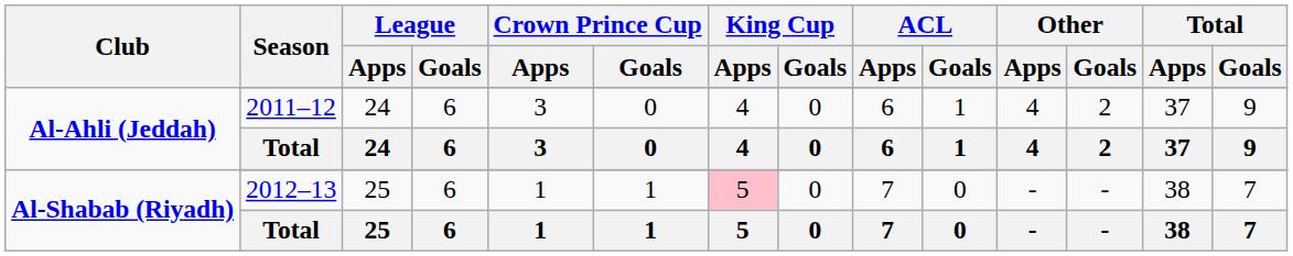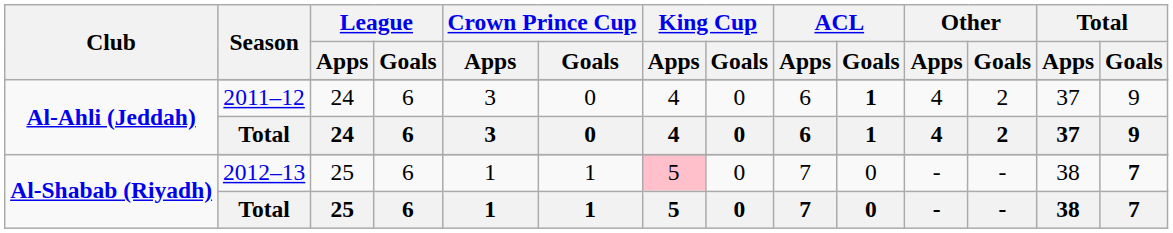 <table class="wikitable" style="text-align: center;">
 <tr>
 <th rowspan="2">Club</th>
 <th rowspan="2">Season</th>
 <th colspan="2"><a href='#'>League</a></th>
 <th colspan="2"><a href='#'>Crown Prince Cup</a></th>
 <th colspan="2"><a href='#'>King Cup</a></th>
 <th colspan="2"><a href='#'>ACL</a></th>
 <th colspan="2">Other</th>
 <th colspan="2">Total</th>
 </tr>
 <tr>
 <th>Apps</th>
 <th>Goals</th>
 <th>Apps</th>
 <th>Goals</th>
 <th>Apps</th>
 <th>Goals</th>
 <th>Apps</th>
 <th>Goals</th>
 <th>Apps</th>
 <th>Goals</th>
 <th>Apps</th>
 <th>Goals</th>
 </tr>
 <tr>
 <td rowspan="3" valign="center"><strong><a href='#'>Al-Ahli (Jeddah)</a></strong></td>
 </tr>
 <tr>
 <td><a href='#'>2011–12</a></td>
 <td>24</td>
 <td>6</td>
 <td>3</td>
 <td>0</td>
 <td>4</td>
 <td>0</td>
 <td>6</td>
-<td>1</td>
+<td><strong>1</strong></td>
 <td>4</td>
 <td>2</td>
 <td>37</td>
 <td>9</td>
 </tr>
 <tr>
 <th>Total</th>
 <th>24</th>
 <th>6</th>
 <th>3</th>
 <th>0</th>
 <th>4</th>
 <th>0</th>
 <th>6</th>
 <th>1</th>
 <th>4</th>
 <th>2</th>
 <th>37</th>
 <th>9</th>
 </tr>
 <tr>
 <td rowspan="3" valign="center"><strong><a href='#'>Al-Shabab (Riyadh)</a></strong></td>
 </tr>
 <tr>
 <td><a href='#'>2012–13</a></td>
 <td>25</td>
 <td>6</td>
 <td>1</td>
 <td>1</td>
 <td style="background: pink;">5</td>
 <td>0</td>
 <td>7</td>
 <td>0</td>
 <td>-</td>
 <td>-</td>
 <td>38</td>
-<td>7</td>
+<td><strong>7</strong></td>
 </tr>
 <tr>
 <th>Total</th>
 <th>25</th>
 <th>6</th>
 <th>1</th>
 <th>1</th>
 <th>5</th>
 <th>0</th>
 <th>7</th>
 <th>0</th>
 <th>-</th>
 <th>-</th>
 <th>38</th>
 <th>7</th>
 </tr>
 </table>
